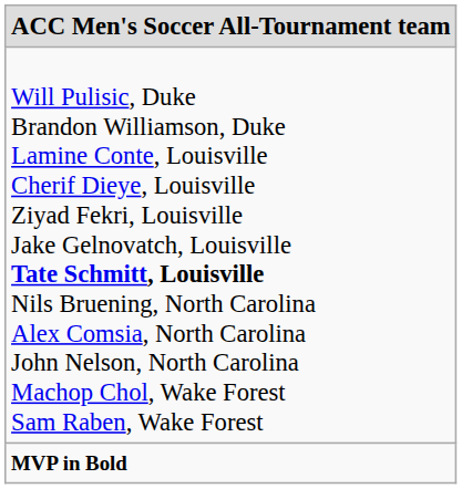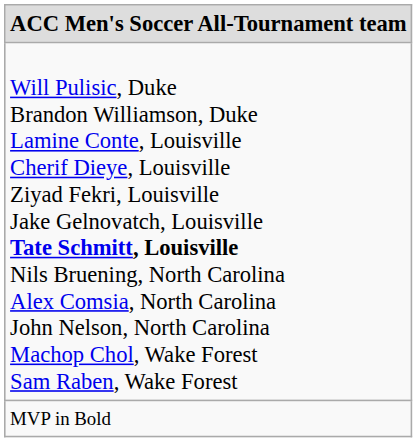 <table class="wikitable" style="white-space:nowrap; font-size:90%;">
 <tr>
 <td colspan="7" style="text-align:center; background:#ddd;"><strong>ACC Men's Soccer All-Tournament team</strong></td>
 </tr>
 <tr>
 <td><br><a href='#'>Will Pulisic</a>, Duke<br> Brandon Williamson, Duke<br> <a href='#'>Lamine Conte</a>, Louisville<br> <a href='#'>Cherif Dieye</a>, Louisville<br> Ziyad Fekri, Louisville<br> Jake Gelnovatch, Louisville<br> <strong><a href='#'>Tate Schmitt</a>, Louisville</strong><br> Nils Bruening, North Carolina<br> <a href='#'>Alex Comsia</a>, North Carolina<br> John Nelson, North Carolina<br> <a href='#'>Machop Chol</a>, Wake Forest<br> <a href='#'>Sam Raben</a>, Wake Forest</td>
 </tr>
 <tr>
-<td><strong><small>MVP in Bold</small></strong></td>
+<td><small>MVP in Bold</small></td>
 </tr>
 </table>
